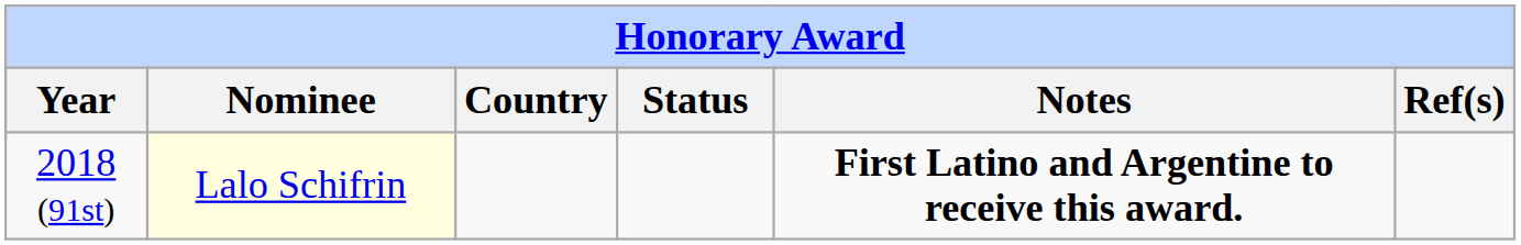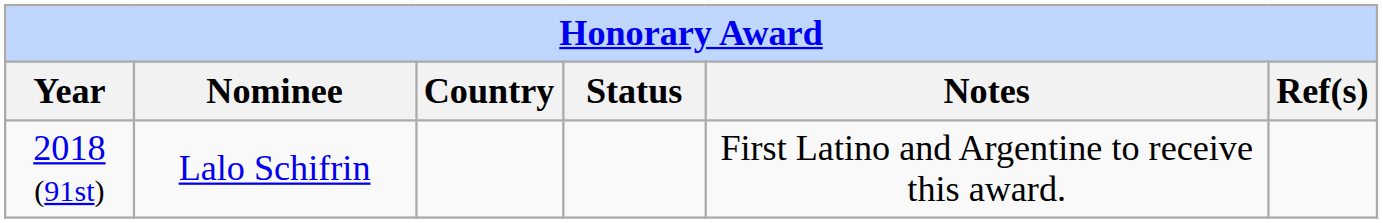 <table class="wikitable" style="text-align: center">
 <tr style="background:#bfd7ff;">
 <td colspan="6" style="text-align:center;"><strong><a href='#'>Honorary Award</a></strong></td>
 </tr>
 <tr style="background:#ebf5ff;">
 <th style="width:75px;">Year</th>
 <th style="width:200px;">Nominee</th>
 <th style="width:50px;">Country</th>
 <th style="width:75px;">Status</th>
 <th style="width:500px;">Notes</th>
 <th width="3">Ref(s)</th>
 </tr>
 <tr>
 <td style="text-align: center"><a href='#'>2018</a><br><small>(<a href='#'>91st</a>)</small></td>
-<td style="background: lightyellow;"><a href='#'>Lalo Schifrin</a></td>
+<td><a href='#'>Lalo Schifrin</a></td>
 <td></td>
 <td></td>
-<td><strong>First Latino and Argentine to receive this award.</strong></td>
+<td>First Latino and Argentine to receive this award.</td>
 <td style="text-align: center"></td>
 </tr>
 </table>
